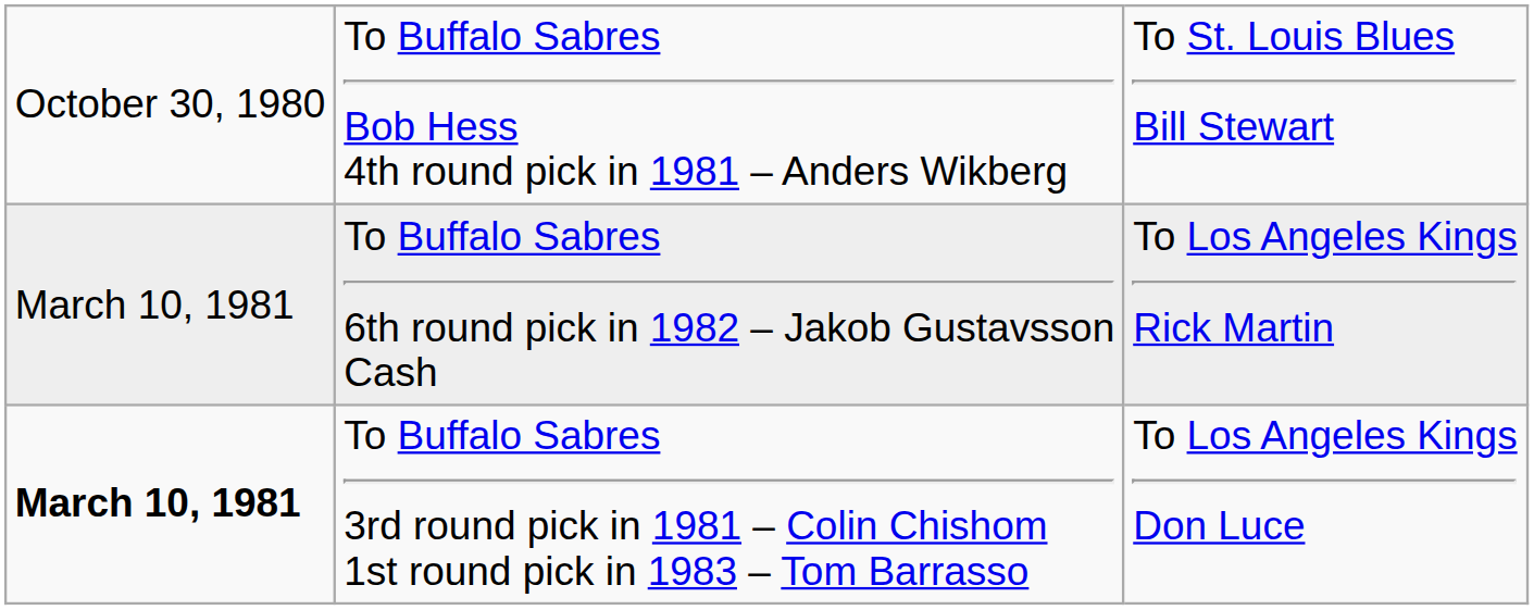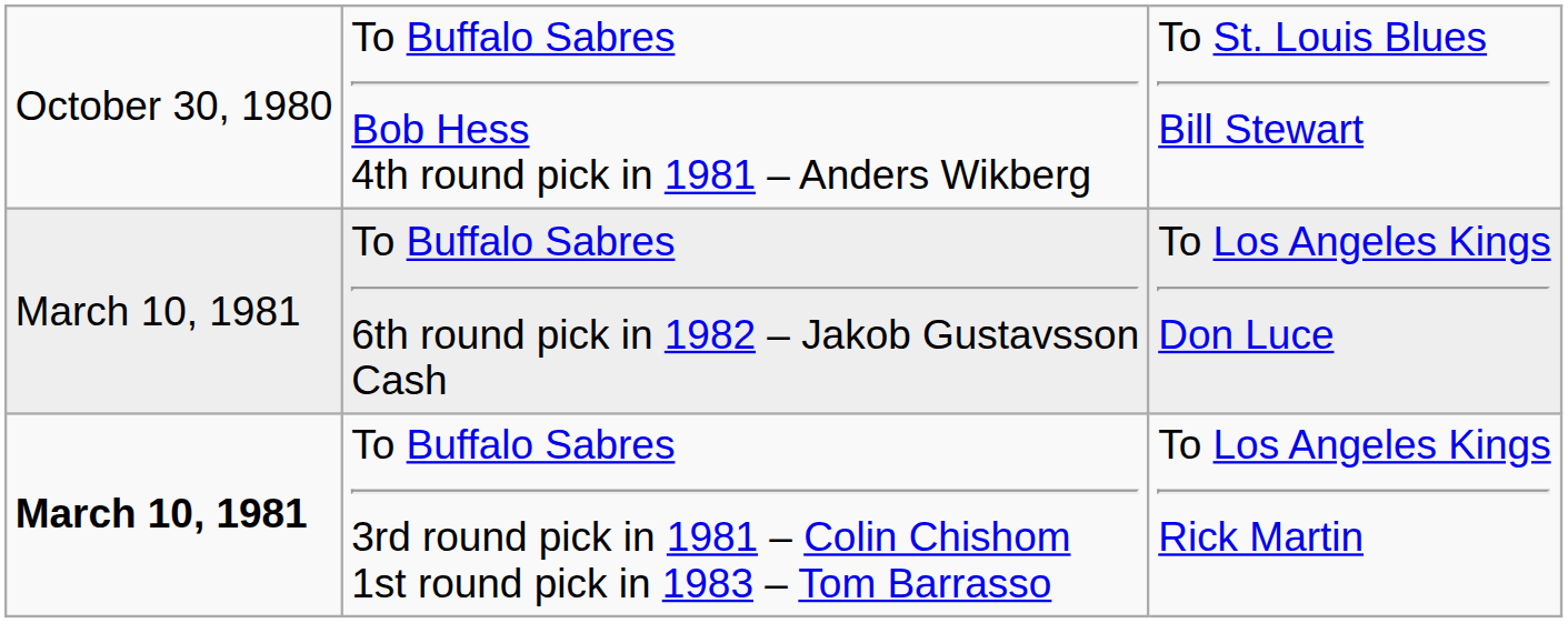 <table class="wikitable">
 <tr>
 <td>October 30, 1980</td>
 <td valign="top">To <a href='#'>Buffalo Sabres</a><hr><a href='#'>Bob Hess</a> <br> 4th round pick in <a href='#'>1981</a> – Anders Wikberg</td>
 <td valign="top">To <a href='#'>St. Louis Blues</a><hr><a href='#'>Bill Stewart</a></td>
 </tr>
 <tr style="background:#eee;">
 <td>March 10, 1981</td>
 <td valign="top">To <a href='#'>Buffalo Sabres</a><hr>6th round pick in <a href='#'>1982</a> – Jakob Gustavsson <br> Cash</td>
-<td valign="top">To <a href='#'>Los Angeles Kings</a><hr><a href='#'>Rick Martin</a></td>
+<td valign="top">To <a href='#'>Los Angeles Kings</a><hr><a href='#'>Don Luce</a></td>
 </tr>
 <tr>
 <td><strong>March 10, 1981</strong></td>
 <td valign="top">To <a href='#'>Buffalo Sabres</a><hr>3rd round pick in <a href='#'>1981</a> – <a href='#'>Colin Chishom</a> <br> 1st round pick in <a href='#'>1983</a> – <a href='#'>Tom Barrasso</a></td>
-<td valign="top">To <a href='#'>Los Angeles Kings</a><hr><a href='#'>Don Luce</a></td>
+<td valign="top">To <a href='#'>Los Angeles Kings</a><hr><a href='#'>Rick Martin</a></td>
 </tr>
 </table>
